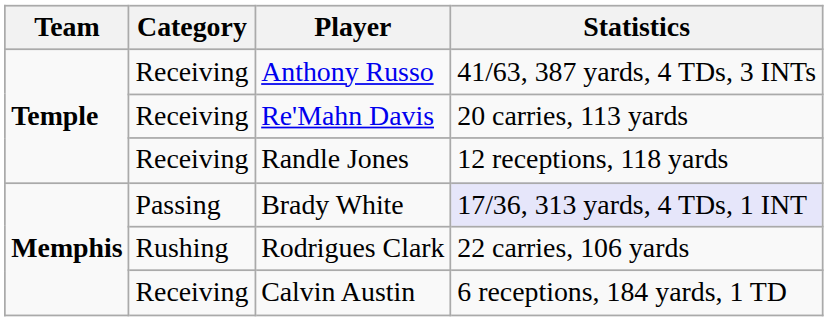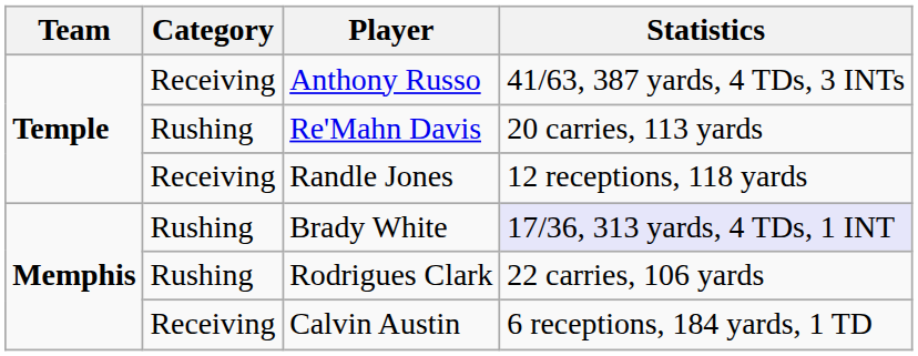 <table class="wikitable" style="float: left;">
 <tr>
 <th>Team</th>
 <th>Category</th>
 <th>Player</th>
 <th>Statistics</th>
 </tr>
 <tr>
 <td rowspan=3><strong>Temple</strong></td>
 <td>Receiving</td>
 <td><a href='#'>Anthony Russo</a></td>
 <td>41/63, 387 yards, 4 TDs, 3 INTs</td>
 </tr>
 <tr>
-<td>Receiving</td>
+<td>Rushing</td>
 <td><a href='#'>Re'Mahn Davis</a></td>
 <td>20 carries, 113 yards</td>
 </tr>
 <tr>
 <td>Receiving</td>
 <td>Randle Jones</td>
 <td>12 receptions, 118 yards</td>
 </tr>
 <tr>
 <td rowspan=3><strong>Memphis</strong></td>
-<td>Passing</td>
+<td>Rushing</td>
 <td>Brady White</td>
 <td style="background: lavender;">17/36, 313 yards, 4 TDs, 1 INT</td>
 </tr>
 <tr>
 <td>Rushing</td>
 <td>Rodrigues Clark</td>
 <td>22 carries, 106 yards</td>
 </tr>
 <tr>
 <td>Receiving</td>
 <td>Calvin Austin</td>
 <td>6 receptions, 184 yards, 1 TD</td>
 </tr>
 </table>
